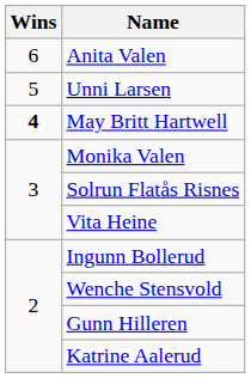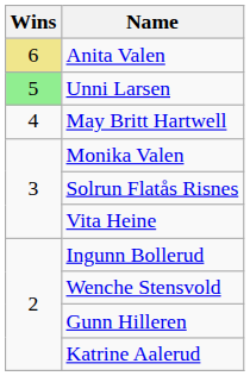 <table class="wikitable">
 <tr>
 <th>Wins</th>
 <th>Name</th>
 </tr>
 <tr>
-<td align=center>6</td>
+<td align=center style="background: khaki;">6</td>
 <td><a href='#'>Anita Valen</a></td>
 </tr>
 <tr>
-<td align=center>5</td>
+<td align=center style="background: lightgreen;">5</td>
 <td><a href='#'>Unni Larsen</a></td>
 </tr>
 <tr>
-<td align=center><strong>4</strong></td>
+<td align=center>4</td>
 <td><a href='#'>May Britt Hartwell</a></td>
 </tr>
 <tr>
 <td align=center rowspan=3>3</td>
 <td><a href='#'>Monika Valen</a></td>
 </tr>
 <tr>
 <td><a href='#'>Solrun Flatås Risnes</a></td>
 </tr>
 <tr>
 <td><a href='#'>Vita Heine</a></td>
 </tr>
 <tr>
 <td align=center rowspan=4>2</td>
 <td><a href='#'>Ingunn Bollerud</a></td>
 </tr>
 <tr>
 <td><a href='#'>Wenche Stensvold</a></td>
 </tr>
 <tr>
 <td><a href='#'>Gunn Hilleren</a></td>
 </tr>
 <tr>
 <td><a href='#'>Katrine Aalerud</a></td>
 </tr>
 <tr>
 </tr>
 </table>
